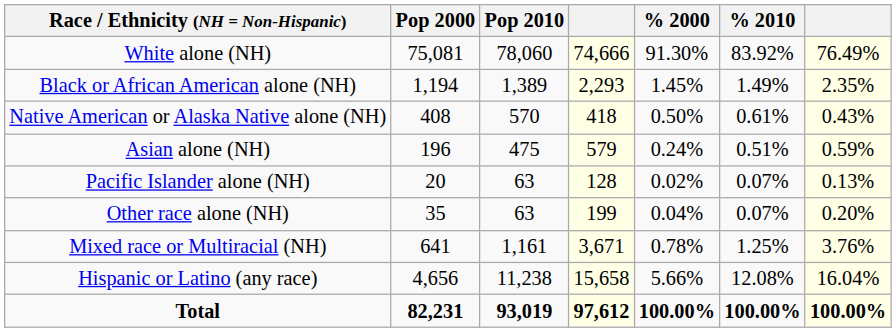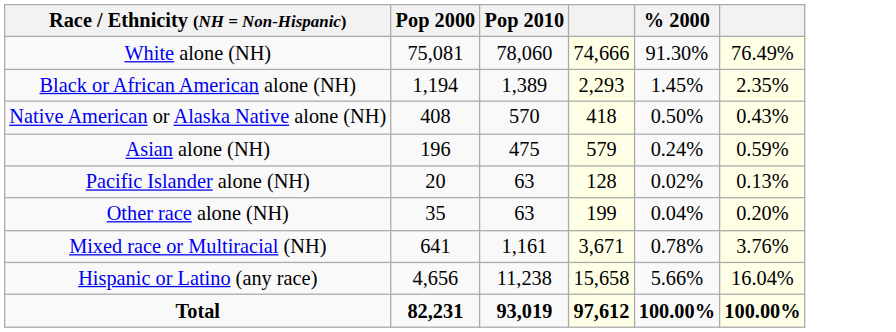 <table class="wikitable" style="text-align:center;">
 <tr>
 <th>Race / Ethnicity <small>(<em>NH = Non-Hispanic</em>)</small></th>
 <th>Pop 2000</th>
 <th>Pop 2010</th>
 <th></th>
 <th>% 2000</th>
-<th>% 2010</th>
 <th></th>
 </tr>
 <tr>
 <td><a href='#'>White</a> alone (NH)</td>
 <td>75,081</td>
 <td>78,060</td>
 <td style='background: #ffffe6;'>74,666</td>
 <td>91.30%</td>
-<td>83.92%</td>
 <td style='background: #ffffe6;'>76.49%</td>
 </tr>
 <tr>
 <td><a href='#'>Black or African American</a> alone (NH)</td>
 <td>1,194</td>
 <td>1,389</td>
 <td style='background: #ffffe6;'>2,293</td>
 <td>1.45%</td>
-<td>1.49%</td>
 <td style='background: #ffffe6;'>2.35%</td>
 </tr>
 <tr>
 <td><a href='#'>Native American</a> or <a href='#'>Alaska Native</a> alone (NH)</td>
 <td>408</td>
 <td>570</td>
 <td style='background: #ffffe6;'>418</td>
 <td>0.50%</td>
-<td>0.61%</td>
 <td style='background: #ffffe6;'>0.43%</td>
 </tr>
 <tr>
 <td><a href='#'>Asian</a> alone (NH)</td>
 <td>196</td>
 <td>475</td>
 <td style='background: #ffffe6;'>579</td>
 <td>0.24%</td>
-<td>0.51%</td>
 <td style='background: #ffffe6;'>0.59%</td>
 </tr>
 <tr>
 <td><a href='#'>Pacific Islander</a> alone (NH)</td>
 <td>20</td>
 <td>63</td>
 <td style='background: #ffffe6;'>128</td>
 <td>0.02%</td>
-<td>0.07%</td>
 <td style='background: #ffffe6;'>0.13%</td>
 </tr>
 <tr>
 <td><a href='#'>Other race</a> alone (NH)</td>
 <td>35</td>
 <td>63</td>
 <td style='background: #ffffe6;'>199</td>
 <td>0.04%</td>
-<td>0.07%</td>
 <td style='background: #ffffe6;'>0.20%</td>
 </tr>
 <tr>
 <td><a href='#'>Mixed race or Multiracial</a> (NH)</td>
 <td>641</td>
 <td>1,161</td>
 <td style='background: #ffffe6;'>3,671</td>
 <td>0.78%</td>
-<td>1.25%</td>
 <td style='background: #ffffe6;'>3.76%</td>
 </tr>
 <tr>
 <td><a href='#'>Hispanic or Latino</a> (any race)</td>
 <td>4,656</td>
 <td>11,238</td>
 <td style='background: #ffffe6;'>15,658</td>
 <td>5.66%</td>
-<td>12.08%</td>
 <td style='background: #ffffe6;'>16.04%</td>
 </tr>
 <tr>
 <td><strong>Total</strong></td>
 <td><strong>82,231</strong></td>
 <td><strong>93,019</strong></td>
 <td style='background: #ffffe6;'><strong>97,612</strong></td>
 <td><strong>100.00%</strong></td>
-<td><strong>100.00%</strong></td>
 <td style='background: #ffffe6;'><strong>100.00%</strong></td>
 </tr>
 </table>
